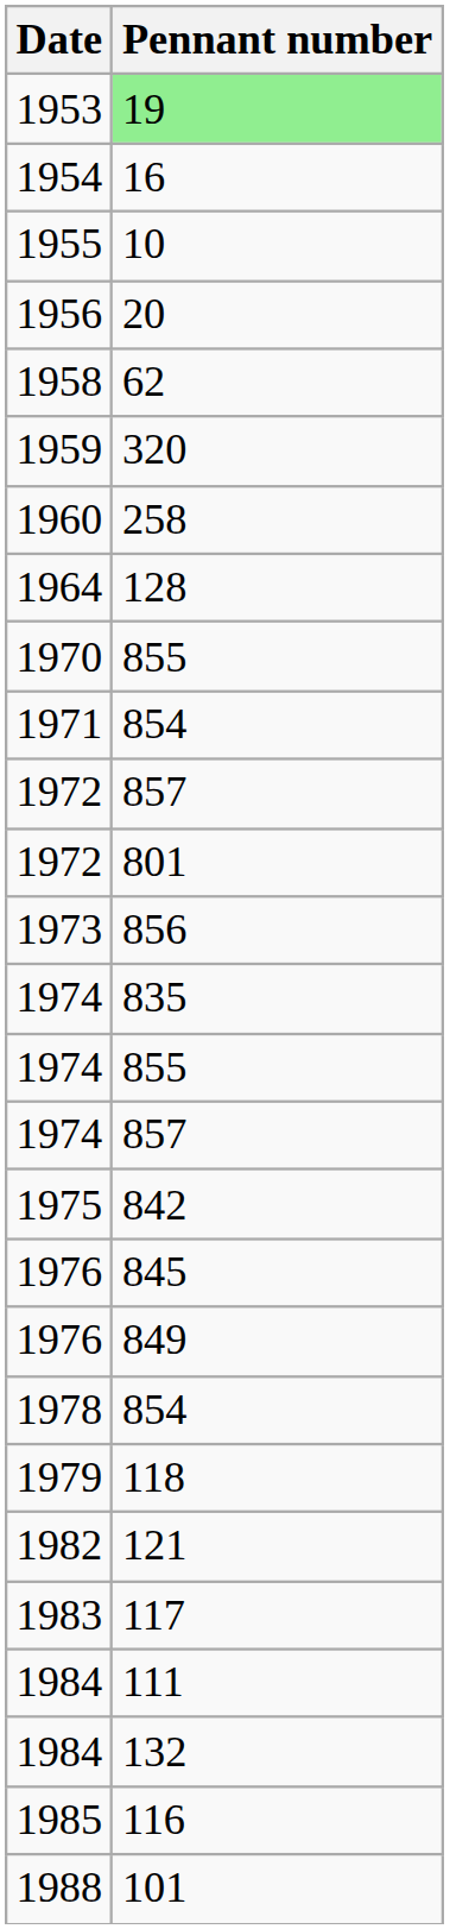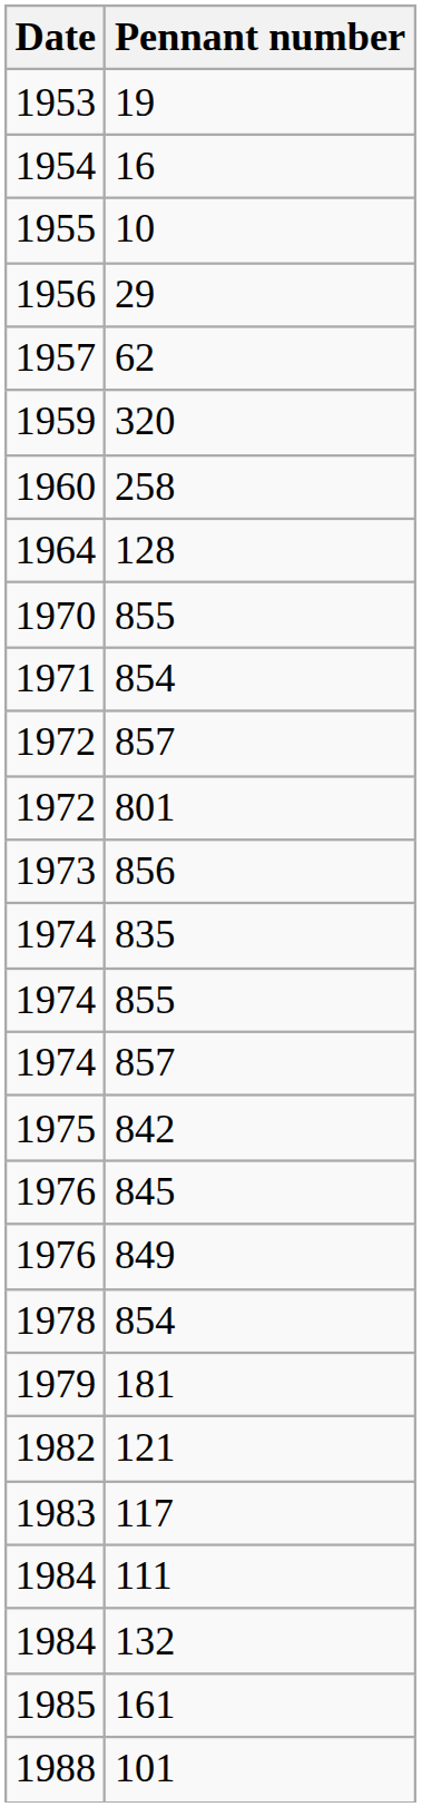 <table class="wikitable">
 <tr>
 <th>Date</th>
 <th>Pennant number</th>
 </tr>
 <tr>
 <td>1953</td>
-<td style="background: lightgreen;">19</td>
+<td>19</td>
 </tr>
 <tr>
 <td>1954</td>
 <td>16</td>
 </tr>
 <tr>
 <td>1955</td>
 <td>10</td>
 </tr>
 <tr>
 <td>1956</td>
-<td>20</td>
+<td>29</td>
 </tr>
 <tr>
-<td>1958</td>
+<td>1957</td>
 <td>62</td>
 </tr>
 <tr>
 <td>1959</td>
 <td>320</td>
 </tr>
 <tr>
 <td>1960</td>
 <td>258</td>
 </tr>
 <tr>
 <td>1964</td>
 <td>128</td>
 </tr>
 <tr>
 <td>1970</td>
 <td>855</td>
 </tr>
 <tr>
 <td>1971</td>
 <td>854</td>
 </tr>
 <tr>
 <td>1972</td>
 <td>857</td>
 </tr>
 <tr>
 <td>1972</td>
 <td>801</td>
 </tr>
 <tr>
 <td>1973</td>
 <td>856</td>
 </tr>
 <tr>
 <td>1974</td>
 <td>835</td>
 </tr>
 <tr>
 <td>1974</td>
 <td>855</td>
 </tr>
 <tr>
 <td>1974</td>
 <td>857</td>
 </tr>
 <tr>
 <td>1975</td>
 <td>842</td>
 </tr>
 <tr>
 <td>1976</td>
 <td>845</td>
 </tr>
 <tr>
 <td>1976</td>
 <td>849</td>
 </tr>
 <tr>
 <td>1978</td>
 <td>854</td>
 </tr>
 <tr>
 <td>1979</td>
-<td>118</td>
+<td>181</td>
 </tr>
 <tr>
 <td>1982</td>
 <td>121</td>
 </tr>
 <tr>
 <td>1983</td>
 <td>117</td>
 </tr>
 <tr>
 <td>1984</td>
 <td>111</td>
 </tr>
 <tr>
 <td>1984</td>
 <td>132</td>
 </tr>
 <tr>
 <td>1985</td>
-<td>116</td>
+<td>161</td>
 </tr>
 <tr>
 <td>1988</td>
 <td>101</td>
 </tr>
 </table>
